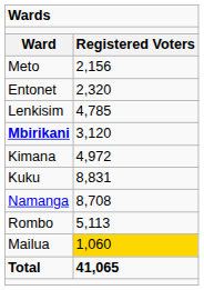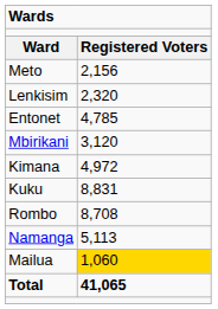 <table class="wikitable">
 <tr>
 <td colspan="2"><strong>Wards</strong></td>
 </tr>
 <tr>
 <td colspan="2"></td>
 </tr>
 <tr>
 <th>Ward</th>
 <th>Registered Voters</th>
 </tr>
 <tr>
 <td>Meto</td>
 <td>2,156</td>
 </tr>
 <tr>
-<td>Entonet</td>
+<td>Lenkisim</td>
 <td>2,320</td>
 </tr>
 <tr>
-<td>Lenkisim</td>
+<td>Entonet</td>
 <td>4,785</td>
 </tr>
 <tr>
-<td><strong><a href='#'>Mbirikani</a></strong></td>
+<td><a href='#'>Mbirikani</a></td>
 <td>3,120</td>
 </tr>
 <tr>
 <td>Kimana</td>
 <td>4,972</td>
 </tr>
 <tr>
 <td>Kuku</td>
 <td>8,831</td>
 </tr>
 <tr>
-<td><a href='#'>Namanga</a></td>
+<td>Rombo</td>
 <td>8,708</td>
 </tr>
 <tr>
-<td>Rombo</td>
+<td><a href='#'>Namanga</a></td>
 <td>5,113</td>
 </tr>
 <tr>
 <td>Mailua</td>
 <td style="background: gold;">1,060</td>
 </tr>
 <tr>
 <td><strong>Total</strong></td>
 <td><strong>41,065</strong></td>
 </tr>
 <tr>
 <td colspan="2"></td>
 </tr>
 </table>
